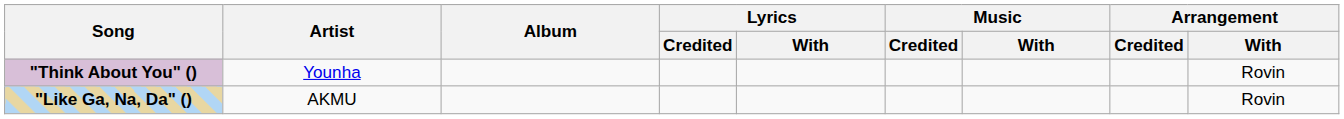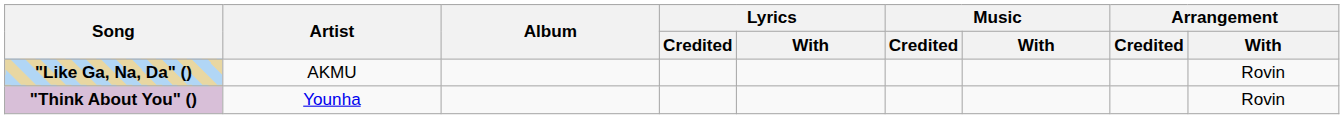 <table class="wikitable plainrowheaders" style="text-align:center;">
 <tr>
 <th rowspan="2" width="300px">Song</th>
 <th rowspan="2" width="300px">Artist</th>
 <th rowspan="2" width="300px">Album</th>
 <th colspan="2">Lyrics</th>
 <th colspan="2">Music</th>
 <th colspan="2">Arrangement</th>
 </tr>
 <tr>
 <th width="50px">Credited</th>
 <th width="200px">With</th>
 <th width="50px">Credited</th>
 <th width="200px">With</th>
 <th width="50px">Credited</th>
 <th width="200px">With</th>
 </tr>
 <tr>
+<th scope="row" style="background: repeating-linear-gradient(45deg, #b1d6f5, #b1d6f5 10px, #e8d7a2 10px, #e8d7a2 20px);">"Like Ga, Na, Da" () <br> </th>
+<td>AKMU</td>
+<td></td>
+<td></td>
+<td></td>
+<td></td>
+<td></td>
+<td></td>
+<td>Rovin</td>
+</tr>
+<tr>
 <th scope="row" style="background-color:#D8BFD8">"Think About You" () </th>
 <td><a href='#'>Younha</a></td>
 <td></td>
 <td></td>
 <td></td>
 <td></td>
 <td></td>
 <td></td>
 <td>Rovin</td>
 </tr>
-<tr>
-<th scope="row" style="background: repeating-linear-gradient(45deg, #b1d6f5, #b1d6f5 10px, #e8d7a2 10px, #e8d7a2 20px);">"Like Ga, Na, Da" () <br> </th>
-<td>AKMU</td>
-<td></td>
-<td></td>
-<td></td>
-<td></td>
-<td></td>
-<td></td>
-<td>Rovin</td>
-</tr>
 </table>
